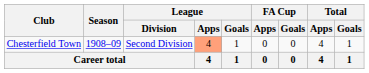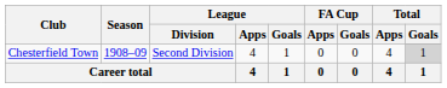 <table class="wikitable" style="text-align: center">
 <tr>
 <th rowspan="2">Club</th>
 <th rowspan="2">Season</th>
 <th colspan="3">League</th>
 <th colspan="2">FA Cup</th>
 <th colspan="2">Total</th>
 </tr>
 <tr>
 <th>Division</th>
 <th>Apps</th>
 <th>Goals</th>
 <th>Apps</th>
 <th>Goals</th>
 <th>Apps</th>
 <th>Goals</th>
 </tr>
 <tr>
 <td><a href='#'>Chesterfield Town</a></td>
 <td><a href='#'>1908–09</a></td>
 <td><a href='#'>Second Division</a></td>
-<td style="background: lightsalmon;">4</td>
+<td>4</td>
 <td>1</td>
 <td>0</td>
 <td>0</td>
 <td>4</td>
-<td>1</td>
+<td style="background: lightgrey;">1</td>
 </tr>
 <tr>
 <th colspan="3">Career total</th>
 <th>4</th>
 <th>1</th>
 <th>0</th>
 <th>0</th>
 <th>4</th>
 <th>1</th>
 </tr>
 </table>
